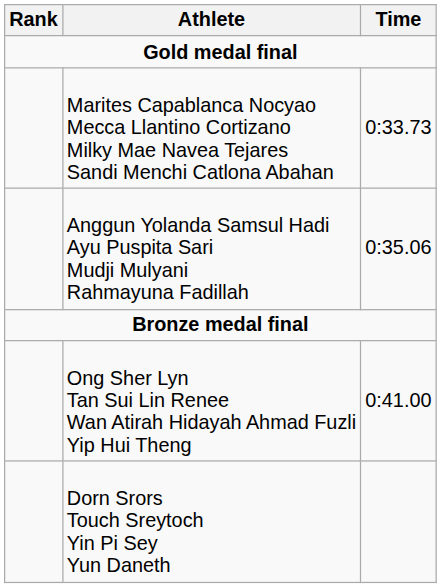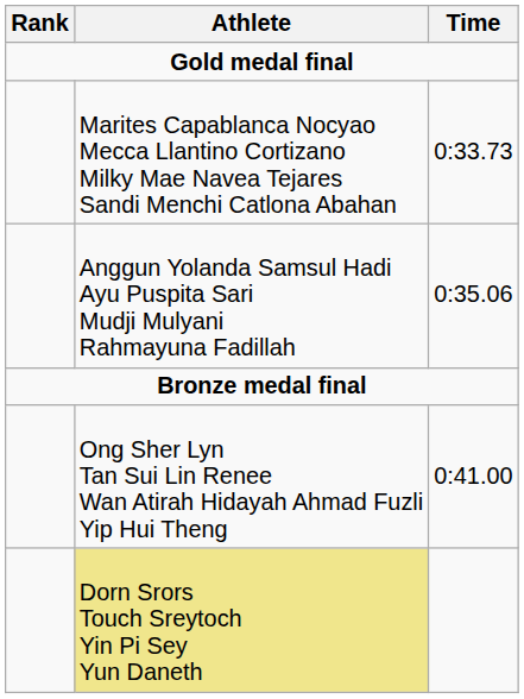 <table class="wikitable sortable" style="text-align:center">
 <tr>
 <th>Rank</th>
 <th>Athlete</th>
 <th>Time</th>
 </tr>
 <tr>
 <td colspan=7><strong>Gold medal final</strong></td>
 </tr>
 <tr>
 <td></td>
 <td align="left"><br>Marites Capablanca Nocyao<br>Mecca Llantino Cortizano<br>Milky Mae Navea Tejares<br>Sandi Menchi Catlona Abahan</td>
 <td>0:33.73</td>
 </tr>
 <tr>
 <td></td>
 <td align="left"><br>Anggun Yolanda Samsul Hadi<br>Ayu Puspita Sari<br>Mudji Mulyani<br>Rahmayuna Fadillah</td>
 <td>0:35.06</td>
 </tr>
 <tr>
 <td colspan=7><strong>Bronze medal final</strong></td>
 </tr>
 <tr>
 <td></td>
 <td align="left"><br>Ong Sher Lyn<br>Tan Sui Lin Renee<br>Wan Atirah Hidayah Ahmad Fuzli<br>Yip Hui Theng</td>
 <td>0:41.00</td>
 </tr>
 <tr>
 <td></td>
-<td align="left"><br>Dorn Srors<br>Touch Sreytoch<br>Yin Pi Sey<br>Yun Daneth</td>
+<td align="left" style="background: khaki;"><br>Dorn Srors<br>Touch Sreytoch<br>Yin Pi Sey<br>Yun Daneth</td>
 <td></td>
 </tr>
 </table>
